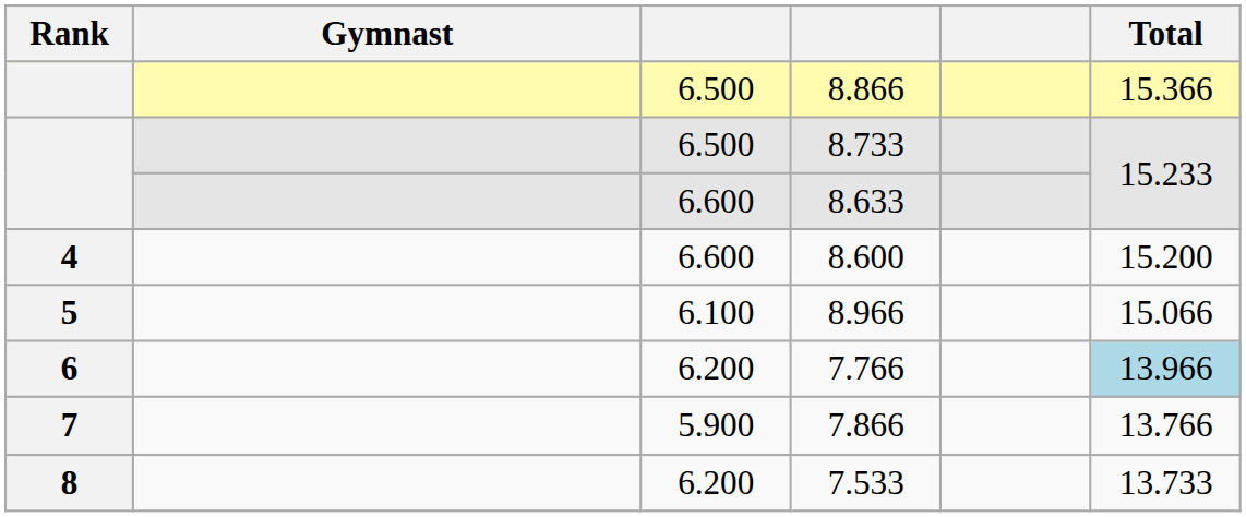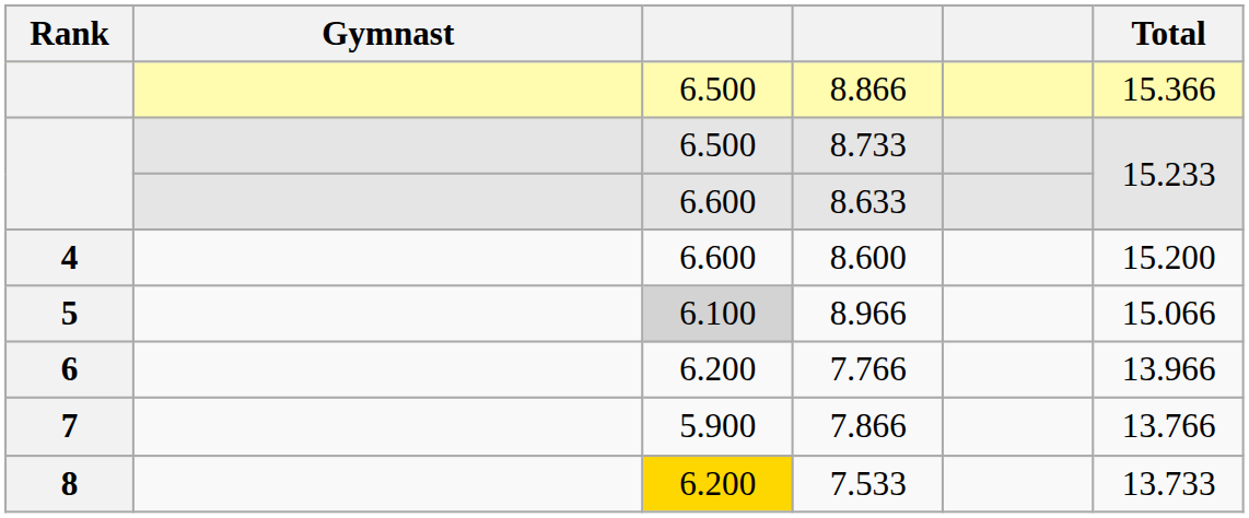 <table class="wikitable sortable" style="text-align:center; font-size:95%">
 <tr>
 <th scope="col" style="width:50px;">Rank</th>
 <th scope="col" style="width:220px;">Gymnast</th>
 <th scope="col" style="width:60px;"></th>
 <th scope="col" style="width:60px;"></th>
 <th scope="col" style="width:60px;"></th>
 <th scope="col" style="width:60px;">Total</th>
 </tr>
 <tr style="background:#fffcaf;">
 <th scope=row style="text-align:center"></th>
 <td style="text-align:left;"></td>
 <td>6.500</td>
 <td>8.866</td>
 <td></td>
 <td>15.366</td>
 </tr>
 <tr style="background:#e5e5e5;">
 <th rowspan="2" scope=row style="text-align:center"></th>
 <td style="text-align:left;"></td>
 <td>6.500</td>
 <td>8.733</td>
 <td></td>
 <td rowspan="2">15.233</td>
 </tr>
 <tr style="background:#e5e5e5;">
 <td style="text-align:left;"></td>
 <td>6.600</td>
 <td>8.633</td>
 <td></td>
 </tr>
 <tr>
 <th scope=row style="text-align:center">4</th>
 <td style="text-align:left;"></td>
 <td>6.600</td>
 <td>8.600</td>
 <td></td>
 <td>15.200</td>
 </tr>
 <tr>
 <th scope=row style="text-align:center">5</th>
 <td style="text-align:left;"></td>
-<td>6.100</td>
+<td style="background: lightgrey;">6.100</td>
 <td>8.966</td>
 <td></td>
 <td>15.066</td>
 </tr>
 <tr>
 <th scope=row style="text-align:center">6</th>
 <td style="text-align:left;"></td>
 <td>6.200</td>
 <td>7.766</td>
 <td></td>
-<td style="background: lightblue;">13.966</td>
+<td>13.966</td>
 </tr>
 <tr>
 <th scope=row style="text-align:center">7</th>
 <td style="text-align:left;"></td>
 <td>5.900</td>
 <td>7.866</td>
 <td></td>
 <td>13.766</td>
 </tr>
 <tr>
 <th scope=row style="text-align:center">8</th>
 <td style="text-align:left;"></td>
-<td>6.200</td>
+<td style="background: gold;">6.200</td>
 <td>7.533</td>
 <td></td>
 <td>13.733</td>
 </tr>
 </table>
